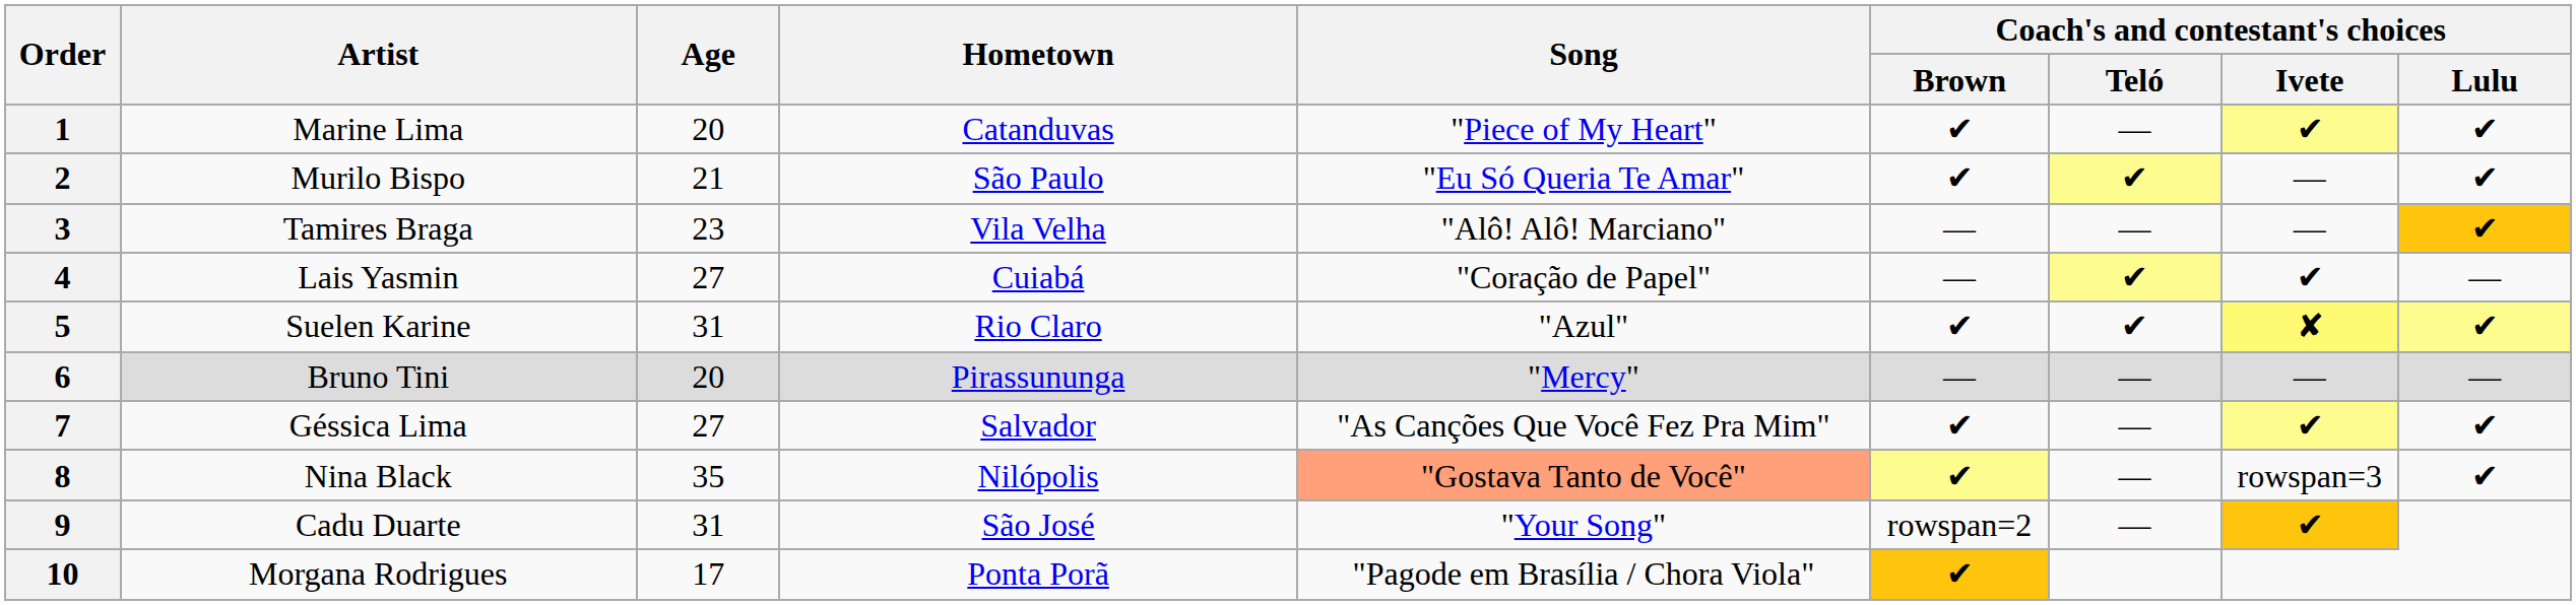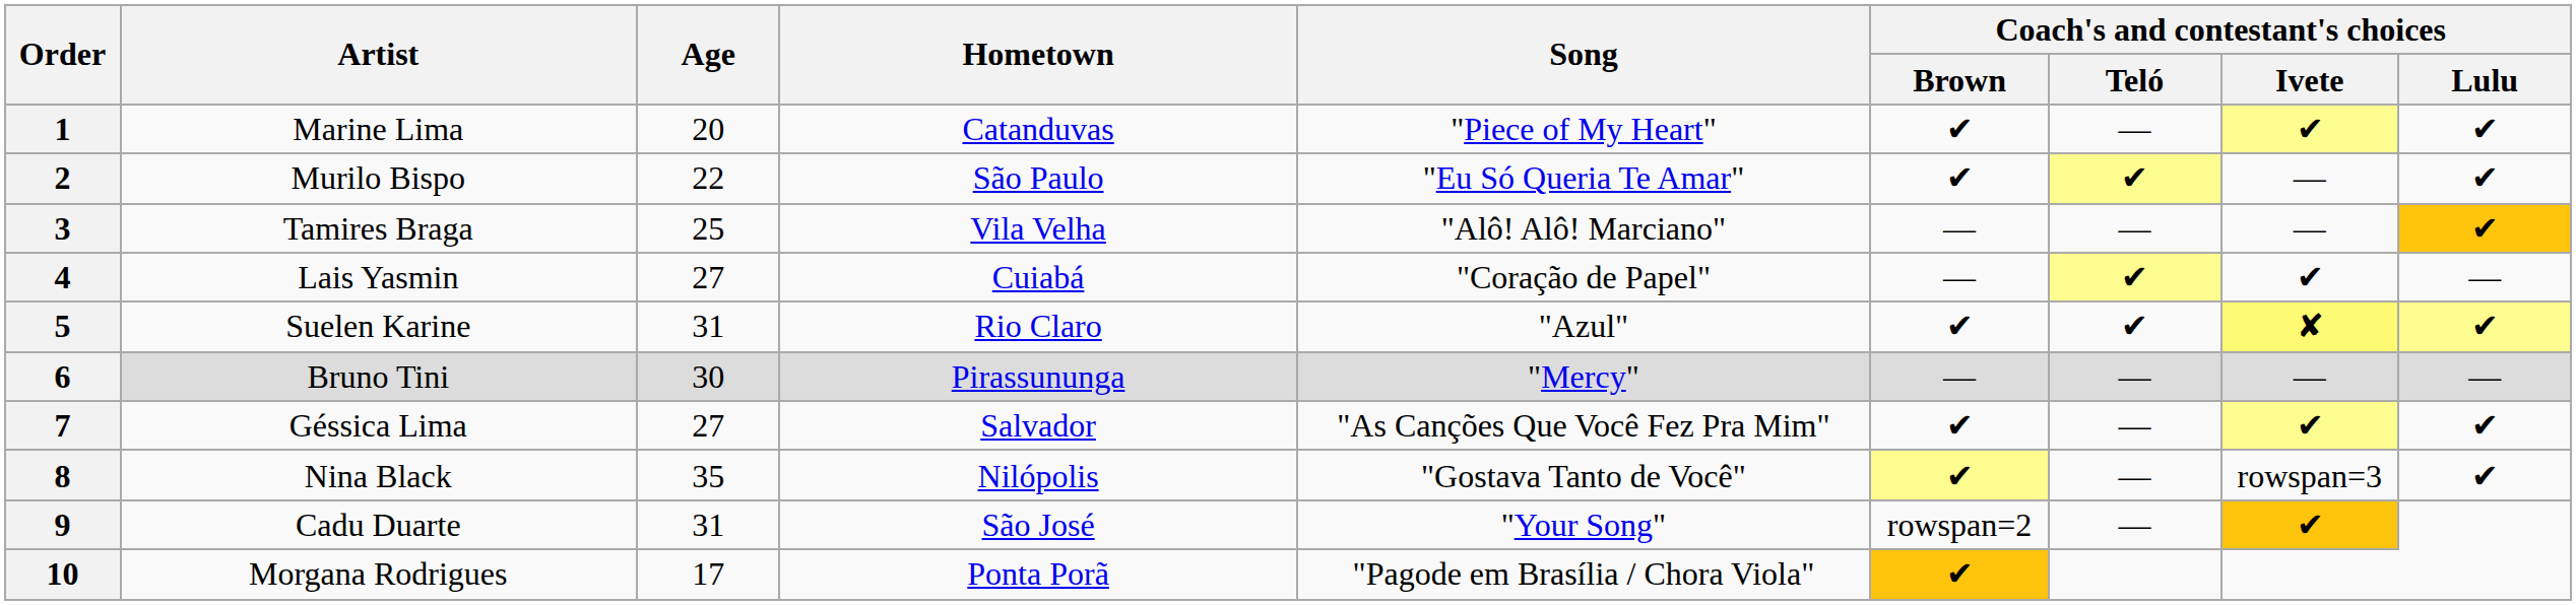 <table class="wikitable" style="text-align:center; line-height:17px; width:100%;">
 <tr>
 <th scope="col" rowspan=2 width="04%">Order</th>
 <th scope="col" rowspan=2 width="18%">Artist</th>
 <th scope="col" rowspan=2 width="05%">Age</th>
 <th scope="col" rowspan=2 width="18%">Hometown</th>
 <th scope="col" rowspan=2 width="20%">Song</th>
 <th scope="col" colspan=4 width="24%">Coach's and contestant's choices</th>
 </tr>
 <tr>
 <th width="06%">Brown</th>
 <th width="06%">Teló</th>
 <th width="06%">Ivete</th>
 <th width="06%">Lulu</th>
 </tr>
 <tr>
 <th>1</th>
 <td>Marine Lima</td>
 <td>20</td>
 <td><a href='#'>Catanduvas</a></td>
 <td>"<a href='#'>Piece of My Heart</a>"</td>
 <td>✔</td>
 <td>—</td>
 <td bgcolor=FDFC8F>✔</td>
 <td>✔</td>
 </tr>
 <tr>
 <th>2</th>
 <td>Murilo Bispo</td>
-<td>21</td>
+<td>22</td>
 <td><a href='#'>São Paulo</a></td>
 <td>"<a href='#'>Eu Só Queria Te Amar</a>"</td>
 <td>✔</td>
 <td bgcolor=FDFC8F>✔</td>
 <td>—</td>
 <td>✔</td>
 </tr>
 <tr>
 <th>3</th>
 <td>Tamires       Braga</td>
-<td>23</td>
+<td>25</td>
 <td><a href='#'>Vila Velha</a></td>
 <td>"Alô! Alô! Marciano"</td>
 <td>—</td>
 <td>—</td>
 <td>—</td>
 <td bgcolor=FFC40C>✔</td>
 </tr>
 <tr>
 <th>4</th>
 <td>Lais Yasmin</td>
 <td>27</td>
 <td><a href='#'>Cuiabá</a></td>
 <td>"Coração de Papel"</td>
 <td>—</td>
 <td bgcolor=FDFC8F>✔</td>
 <td>✔</td>
 <td>—</td>
 </tr>
 <tr>
 <th>5</th>
 <td>Suelen         Karine</td>
 <td>31</td>
 <td><a href='#'>Rio Claro</a></td>
 <td>"Azul"</td>
 <td>✔</td>
 <td>✔</td>
 <td style="background-color:#fffa73">✘</td>
 <td bgcolor=FDFC8F>✔</td>
 </tr>
 <tr bgcolor=DCDCDC>
 <th>6</th>
 <td>Bruno Tini</td>
-<td>20</td>
+<td>30</td>
 <td><a href='#'>Pirassununga</a></td>
 <td>"<a href='#'>Mercy</a>"</td>
 <td>—</td>
 <td>—</td>
 <td>—</td>
 <td>—</td>
 </tr>
 <tr>
 <th>7</th>
 <td>Géssica Lima</td>
 <td>27</td>
 <td><a href='#'>Salvador</a></td>
 <td>"As Canções Que Você Fez Pra Mim"</td>
 <td>✔</td>
 <td>—</td>
 <td bgcolor=FDFC8F>✔</td>
 <td>✔</td>
 </tr>
 <tr>
 <th>8</th>
 <td>Nina Black</td>
 <td>35</td>
 <td><a href='#'>Nilópolis</a></td>
-<td style="background: lightsalmon;">"Gostava Tanto de Você"</td>
+<td>"Gostava Tanto de Você"</td>
 <td bgcolor=FDFC8F>✔</td>
 <td>—</td>
 <td>rowspan=3 </td>
 <td>✔</td>
 </tr>
 <tr>
 <th>9</th>
 <td>Cadu Duarte</td>
 <td>31</td>
 <td><a href='#'>São José</a></td>
 <td>"<a href='#'>Your Song</a>"</td>
 <td>rowspan=2 </td>
 <td>—</td>
 <td bgcolor=FFC40C>✔</td>
 </tr>
 <tr>
 <th>10</th>
 <td>Morgana Rodrigues</td>
 <td>17</td>
 <td><a href='#'>Ponta Porã</a></td>
 <td>"Pagode em Brasília / Chora Viola"</td>
 <td bgcolor=FFC40C>✔</td>
 <td></td>
 </tr>
 </table>
